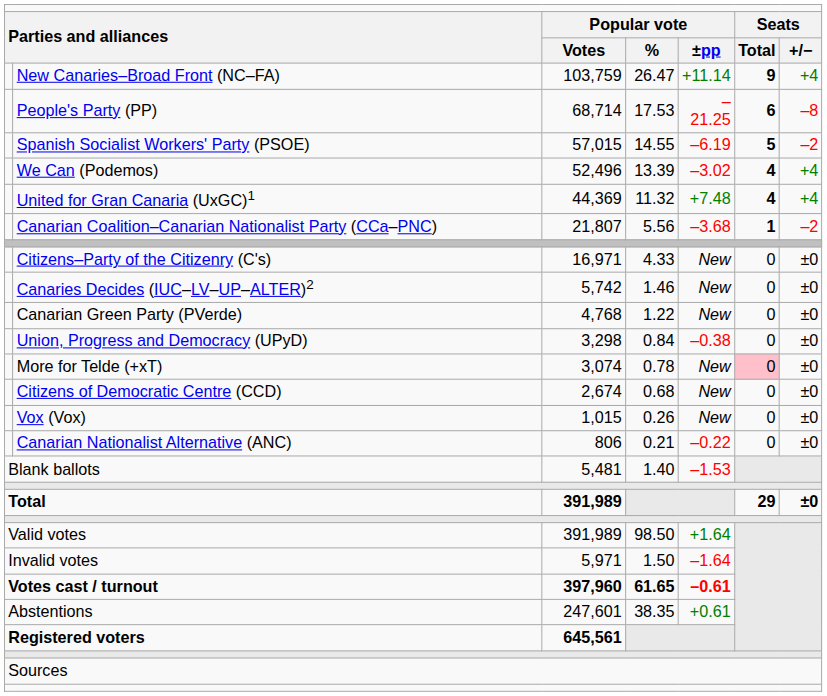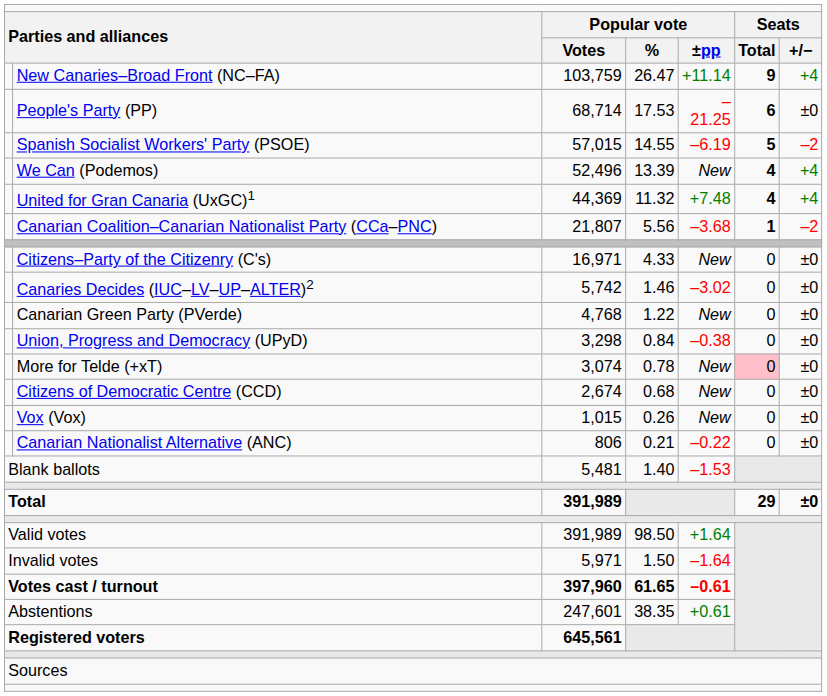 <table class="wikitable" style="text-align:right;">
 <tr>
 <td colspan="7"></td>
 </tr>
 <tr>
 <th style="text-align:left;" rowspan="2" colspan="2" width="525">Parties and alliances</th>
 <th colspan="3">Popular vote</th>
 <th colspan="2">Seats</th>
 </tr>
 <tr>
 <th width="75">Votes</th>
 <th width="45">%</th>
 <th width="45">±<a href='#'>pp</a></th>
 <th width="35">Total</th>
 <th width="35">+/−</th>
 </tr>
 <tr>
 <td width="1" style="color:inherit;background:"></td>
 <td align="left"><a href='#'>New Canaries–Broad Front</a> (NC–FA)</td>
 <td>103,759</td>
 <td>26.47</td>
 <td style="color:green;">+11.14</td>
 <td><strong>9</strong></td>
 <td style="color:green;">+4</td>
 </tr>
 <tr>
 <td style="color:inherit;background:"></td>
 <td align="left"><a href='#'>People's Party</a> (PP)</td>
 <td>68,714</td>
 <td>17.53</td>
 <td style="color:red;">–21.25</td>
 <td><strong>6</strong></td>
-<td style="color:red;">–8</td>
+<td>±0</td>
 </tr>
 <tr>
 <td style="color:inherit;background:"></td>
 <td align="left"><a href='#'>Spanish Socialist Workers' Party</a> (PSOE)</td>
 <td>57,015</td>
 <td>14.55</td>
 <td style="color:red;">–6.19</td>
 <td><strong>5</strong></td>
 <td style="color:red;">–2</td>
 </tr>
 <tr>
 <td style="color:inherit;background:"></td>
 <td align="left"><a href='#'>We Can</a> (Podemos)</td>
 <td>52,496</td>
 <td>13.39</td>
-<td style="color:red;">–3.02</td>
+<td><em>New</em></td>
 <td><strong>4</strong></td>
 <td style="color:green;">+4</td>
 </tr>
 <tr>
 <td style="color:inherit;background:"></td>
 <td align="left"><a href='#'>United for Gran Canaria</a> (UxGC)<sup>1</sup></td>
 <td>44,369</td>
 <td>11.32</td>
 <td style="color:green;">+7.48</td>
 <td><strong>4</strong></td>
 <td style="color:green;">+4</td>
 </tr>
 <tr>
 <td style="color:inherit;background:"></td>
 <td align="left"><a href='#'>Canarian Coalition–Canarian Nationalist Party</a> (<a href='#'>CCa</a>–<a href='#'>PNC</a>)</td>
 <td>21,807</td>
 <td>5.56</td>
 <td style="color:red;">–3.68</td>
 <td><strong>1</strong></td>
 <td style="color:red;">–2</td>
 </tr>
 <tr>
 <td colspan="7" bgcolor="#C0C0C0"></td>
 </tr>
 <tr>
 <td style="color:inherit;background:"></td>
 <td align="left"><a href='#'>Citizens–Party of the Citizenry</a> (C's)</td>
 <td>16,971</td>
 <td>4.33</td>
 <td><em>New</em></td>
 <td>0</td>
 <td>±0</td>
 </tr>
 <tr>
 <td style="color:inherit;background:"></td>
 <td align="left"><a href='#'>Canaries Decides</a> (<a href='#'>IUC</a>–<a href='#'>LV</a>–<a href='#'>UP</a>–<a href='#'>ALTER</a>)<sup>2</sup></td>
 <td>5,742</td>
 <td>1.46</td>
-<td><em>New</em></td>
+<td style="color:red;">–3.02</td>
 <td>0</td>
 <td>±0</td>
 </tr>
 <tr>
 <td style="color:inherit;background:"></td>
 <td align="left">Canarian Green Party (PVerde)</td>
 <td>4,768</td>
 <td>1.22</td>
 <td><em>New</em></td>
 <td>0</td>
 <td>±0</td>
 </tr>
 <tr>
 <td style="color:inherit;background:"></td>
 <td align="left"><a href='#'>Union, Progress and Democracy</a> (UPyD)</td>
 <td>3,298</td>
 <td>0.84</td>
 <td style="color:red;">–0.38</td>
 <td>0</td>
 <td>±0</td>
 </tr>
 <tr>
 <td style="color:inherit;background:"></td>
 <td align="left">More for Telde (+xT)</td>
 <td>3,074</td>
 <td>0.78</td>
 <td><em>New</em></td>
 <td style="background: pink;">0</td>
 <td>±0</td>
 </tr>
 <tr>
 <td style="color:inherit;background:"></td>
 <td align="left"><a href='#'>Citizens of Democratic Centre</a> (CCD)</td>
 <td>2,674</td>
 <td>0.68</td>
 <td><em>New</em></td>
 <td>0</td>
 <td>±0</td>
 </tr>
 <tr>
 <td style="color:inherit;background:"></td>
 <td align="left"><a href='#'>Vox</a> (Vox)</td>
 <td>1,015</td>
 <td>0.26</td>
 <td><em>New</em></td>
 <td>0</td>
 <td>±0</td>
 </tr>
 <tr>
 <td style="color:inherit;background:"></td>
 <td align="left"><a href='#'>Canarian Nationalist Alternative</a> (ANC)</td>
 <td>806</td>
 <td>0.21</td>
 <td style="color:red;">–0.22</td>
 <td>0</td>
 <td>±0</td>
 </tr>
 <tr>
 <td align="left" colspan="2">Blank ballots</td>
 <td>5,481</td>
 <td>1.40</td>
 <td style="color:red;">–1.53</td>
 <td bgcolor="#E9E9E9" colspan="2"></td>
 </tr>
 <tr>
 <td colspan="7" bgcolor="#E9E9E9"></td>
 </tr>
 <tr style="font-weight:bold;">
 <td align="left" colspan="2">Total</td>
 <td>391,989</td>
 <td bgcolor="#E9E9E9" colspan="2"></td>
 <td>29</td>
 <td>±0</td>
 </tr>
 <tr>
 <td colspan="7" bgcolor="#E9E9E9"></td>
 </tr>
 <tr>
 <td align="left" colspan="2">Valid votes</td>
 <td>391,989</td>
 <td>98.50</td>
 <td style="color:green;">+1.64</td>
 <td bgcolor="#E9E9E9" colspan="2" rowspan="5"></td>
 </tr>
 <tr>
 <td align="left" colspan="2">Invalid votes</td>
 <td>5,971</td>
 <td>1.50</td>
 <td style="color:red;">–1.64</td>
 </tr>
 <tr style="font-weight:bold;">
 <td align="left" colspan="2">Votes cast / turnout</td>
 <td>397,960</td>
 <td>61.65</td>
 <td style="color:red;">–0.61</td>
 </tr>
 <tr>
 <td align="left" colspan="2">Abstentions</td>
 <td>247,601</td>
 <td>38.35</td>
 <td style="color:green;">+0.61</td>
 </tr>
 <tr style="font-weight:bold;">
 <td align="left" colspan="2">Registered voters</td>
 <td>645,561</td>
 <td bgcolor="#E9E9E9" colspan="2"></td>
 </tr>
 <tr>
 <td colspan="7" bgcolor="#E9E9E9"></td>
 </tr>
 <tr>
 <td align="left" colspan="7">Sources</td>
 </tr>
 <tr>
 <td colspan="7" style="text-align:left; max-width:790px;"></td>
 </tr>
 </table>
